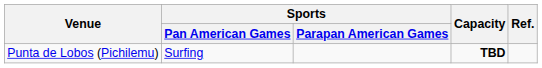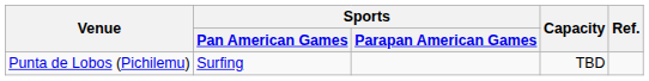 <table class="wikitable sortable">
 <tr>
 <th rowspan="2">Venue</th>
 <th colspan="2" class="unsortable">Sports</th>
 <th rowspan="2">Capacity</th>
 <th rowspan="2" class="unsortable">Ref.</th>
 </tr>
 <tr>
 <th><a href='#'>Pan American Games</a></th>
 <th><a href='#'>Parapan American Games</a></th>
 </tr>
 <tr>
 <td><a href='#'>Punta de Lobos</a> (<a href='#'>Pichilemu</a>)</td>
 <td><a href='#'>Surfing</a></td>
 <td></td>
-<td align="right"><strong>TBD</strong></td>
+<td align="right">TBD</td>
 <td align=center></td>
 </tr>
 </table>
